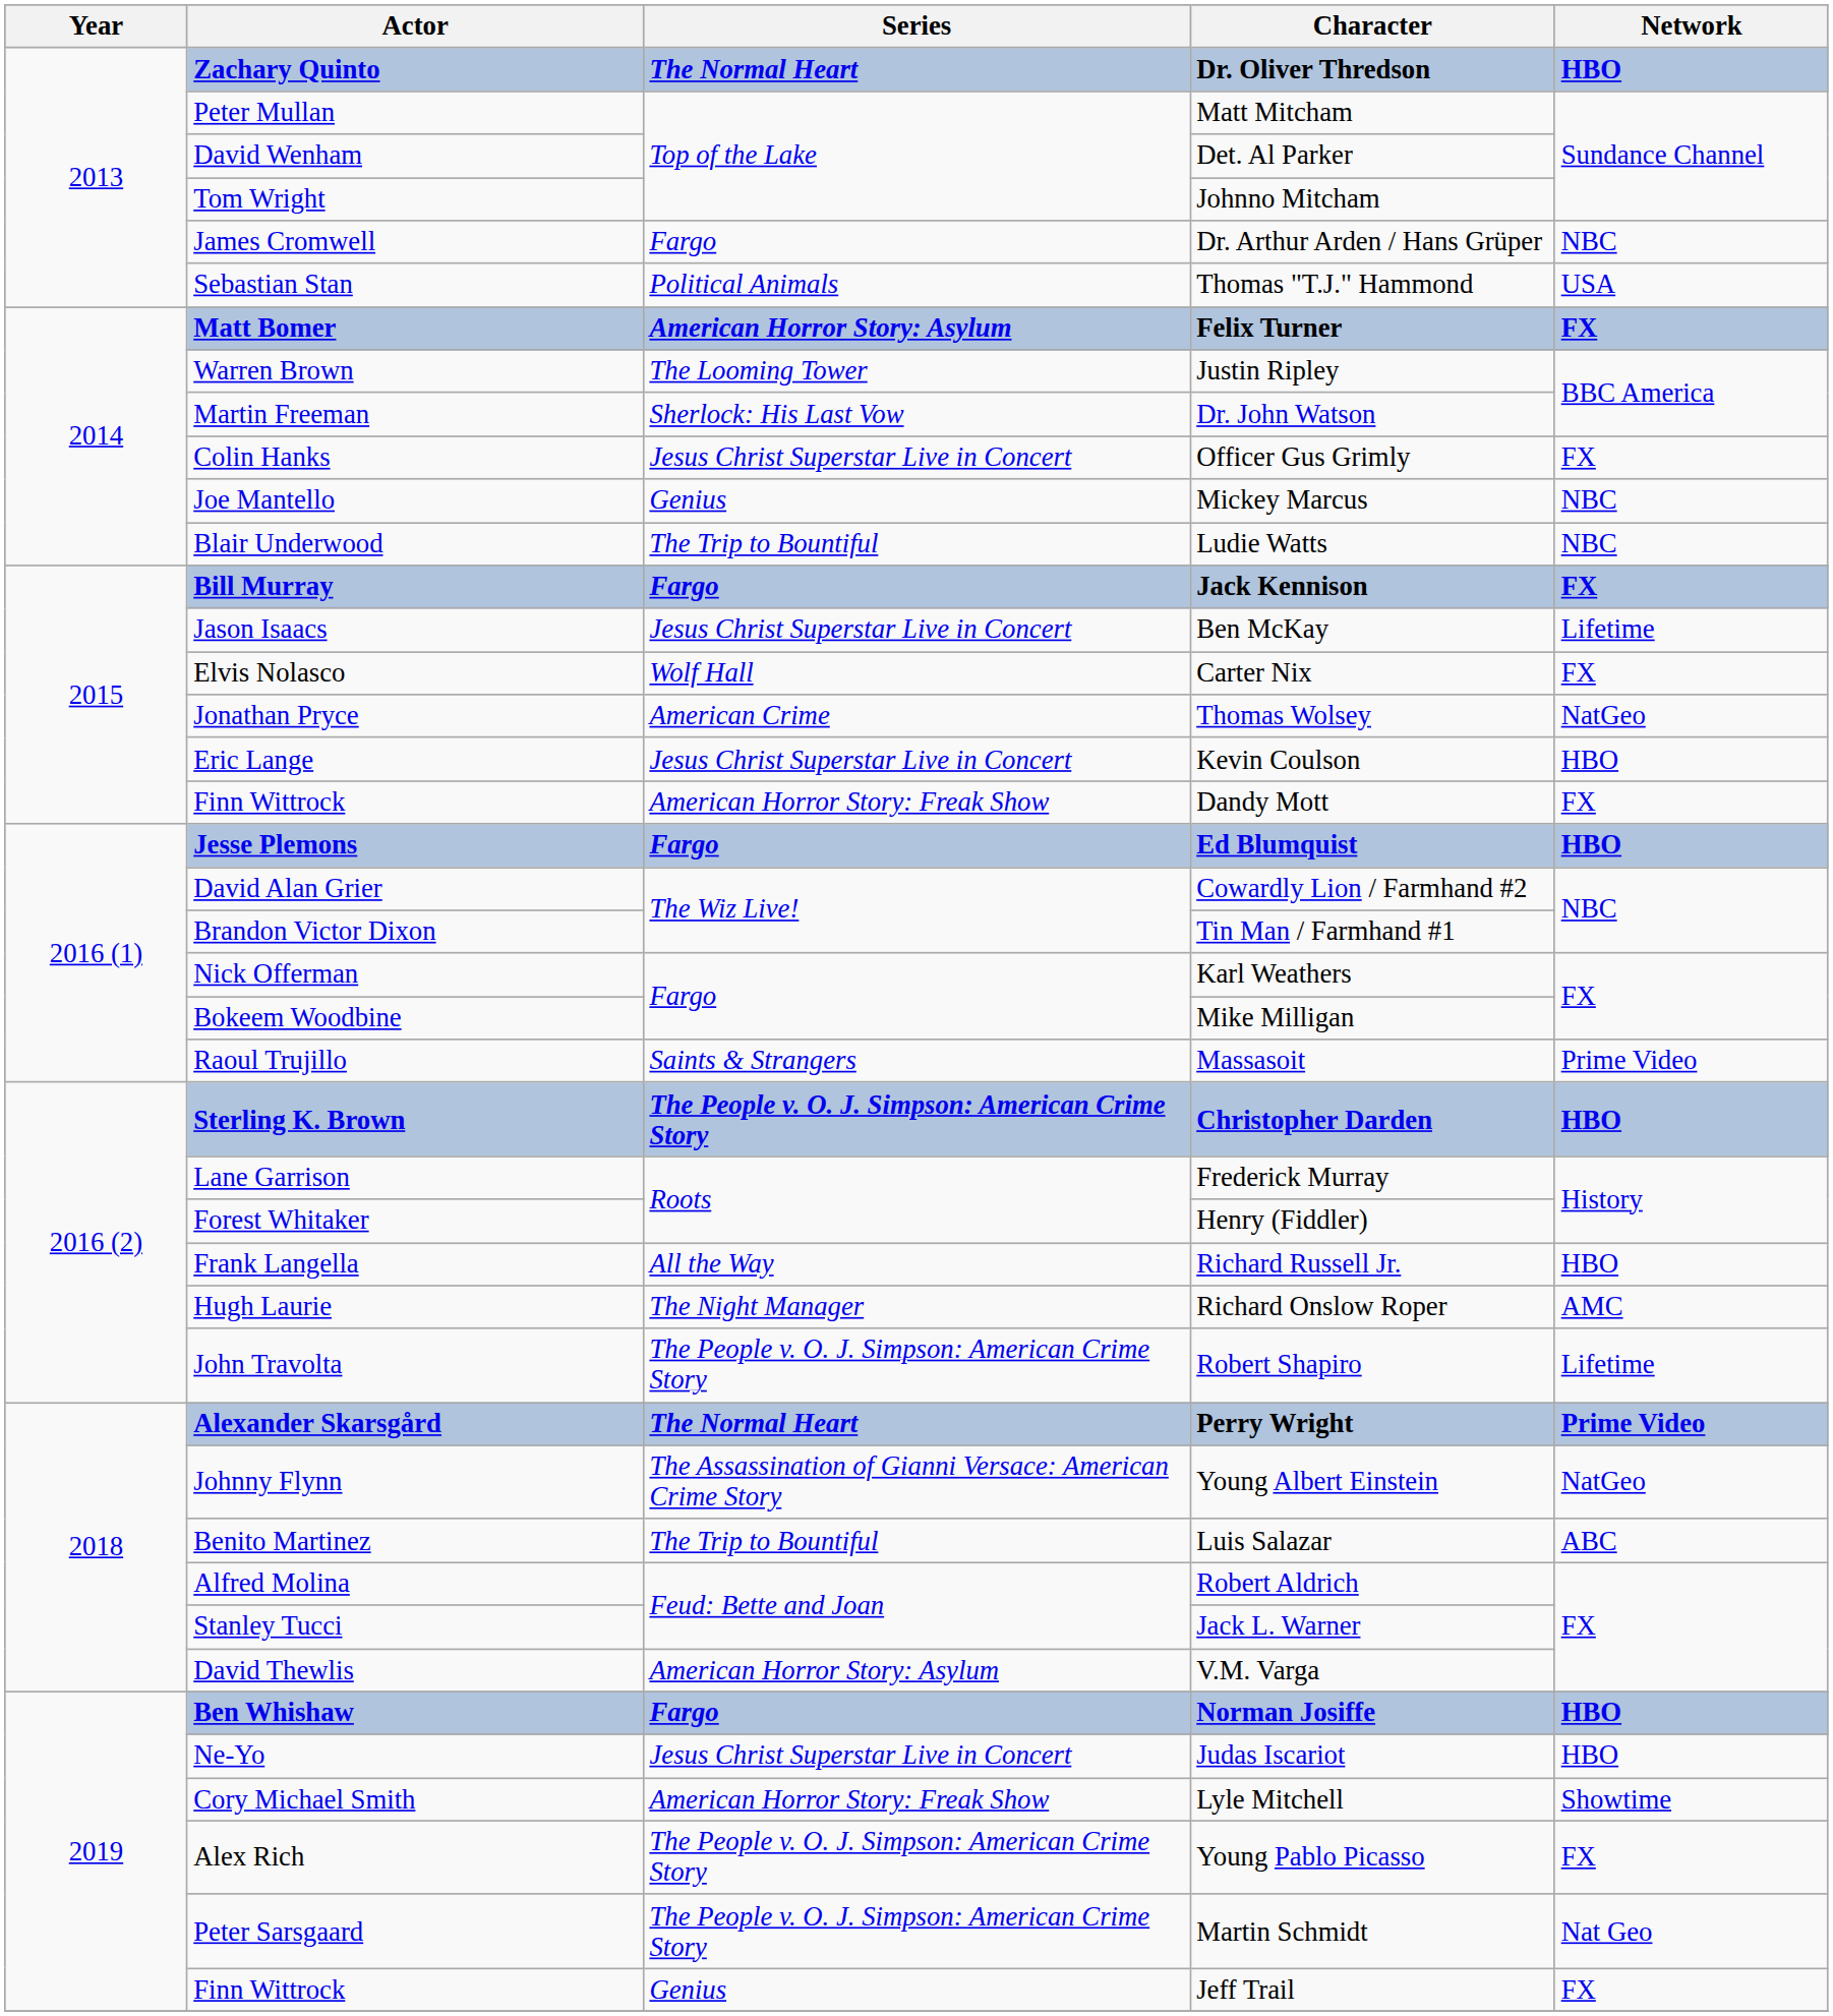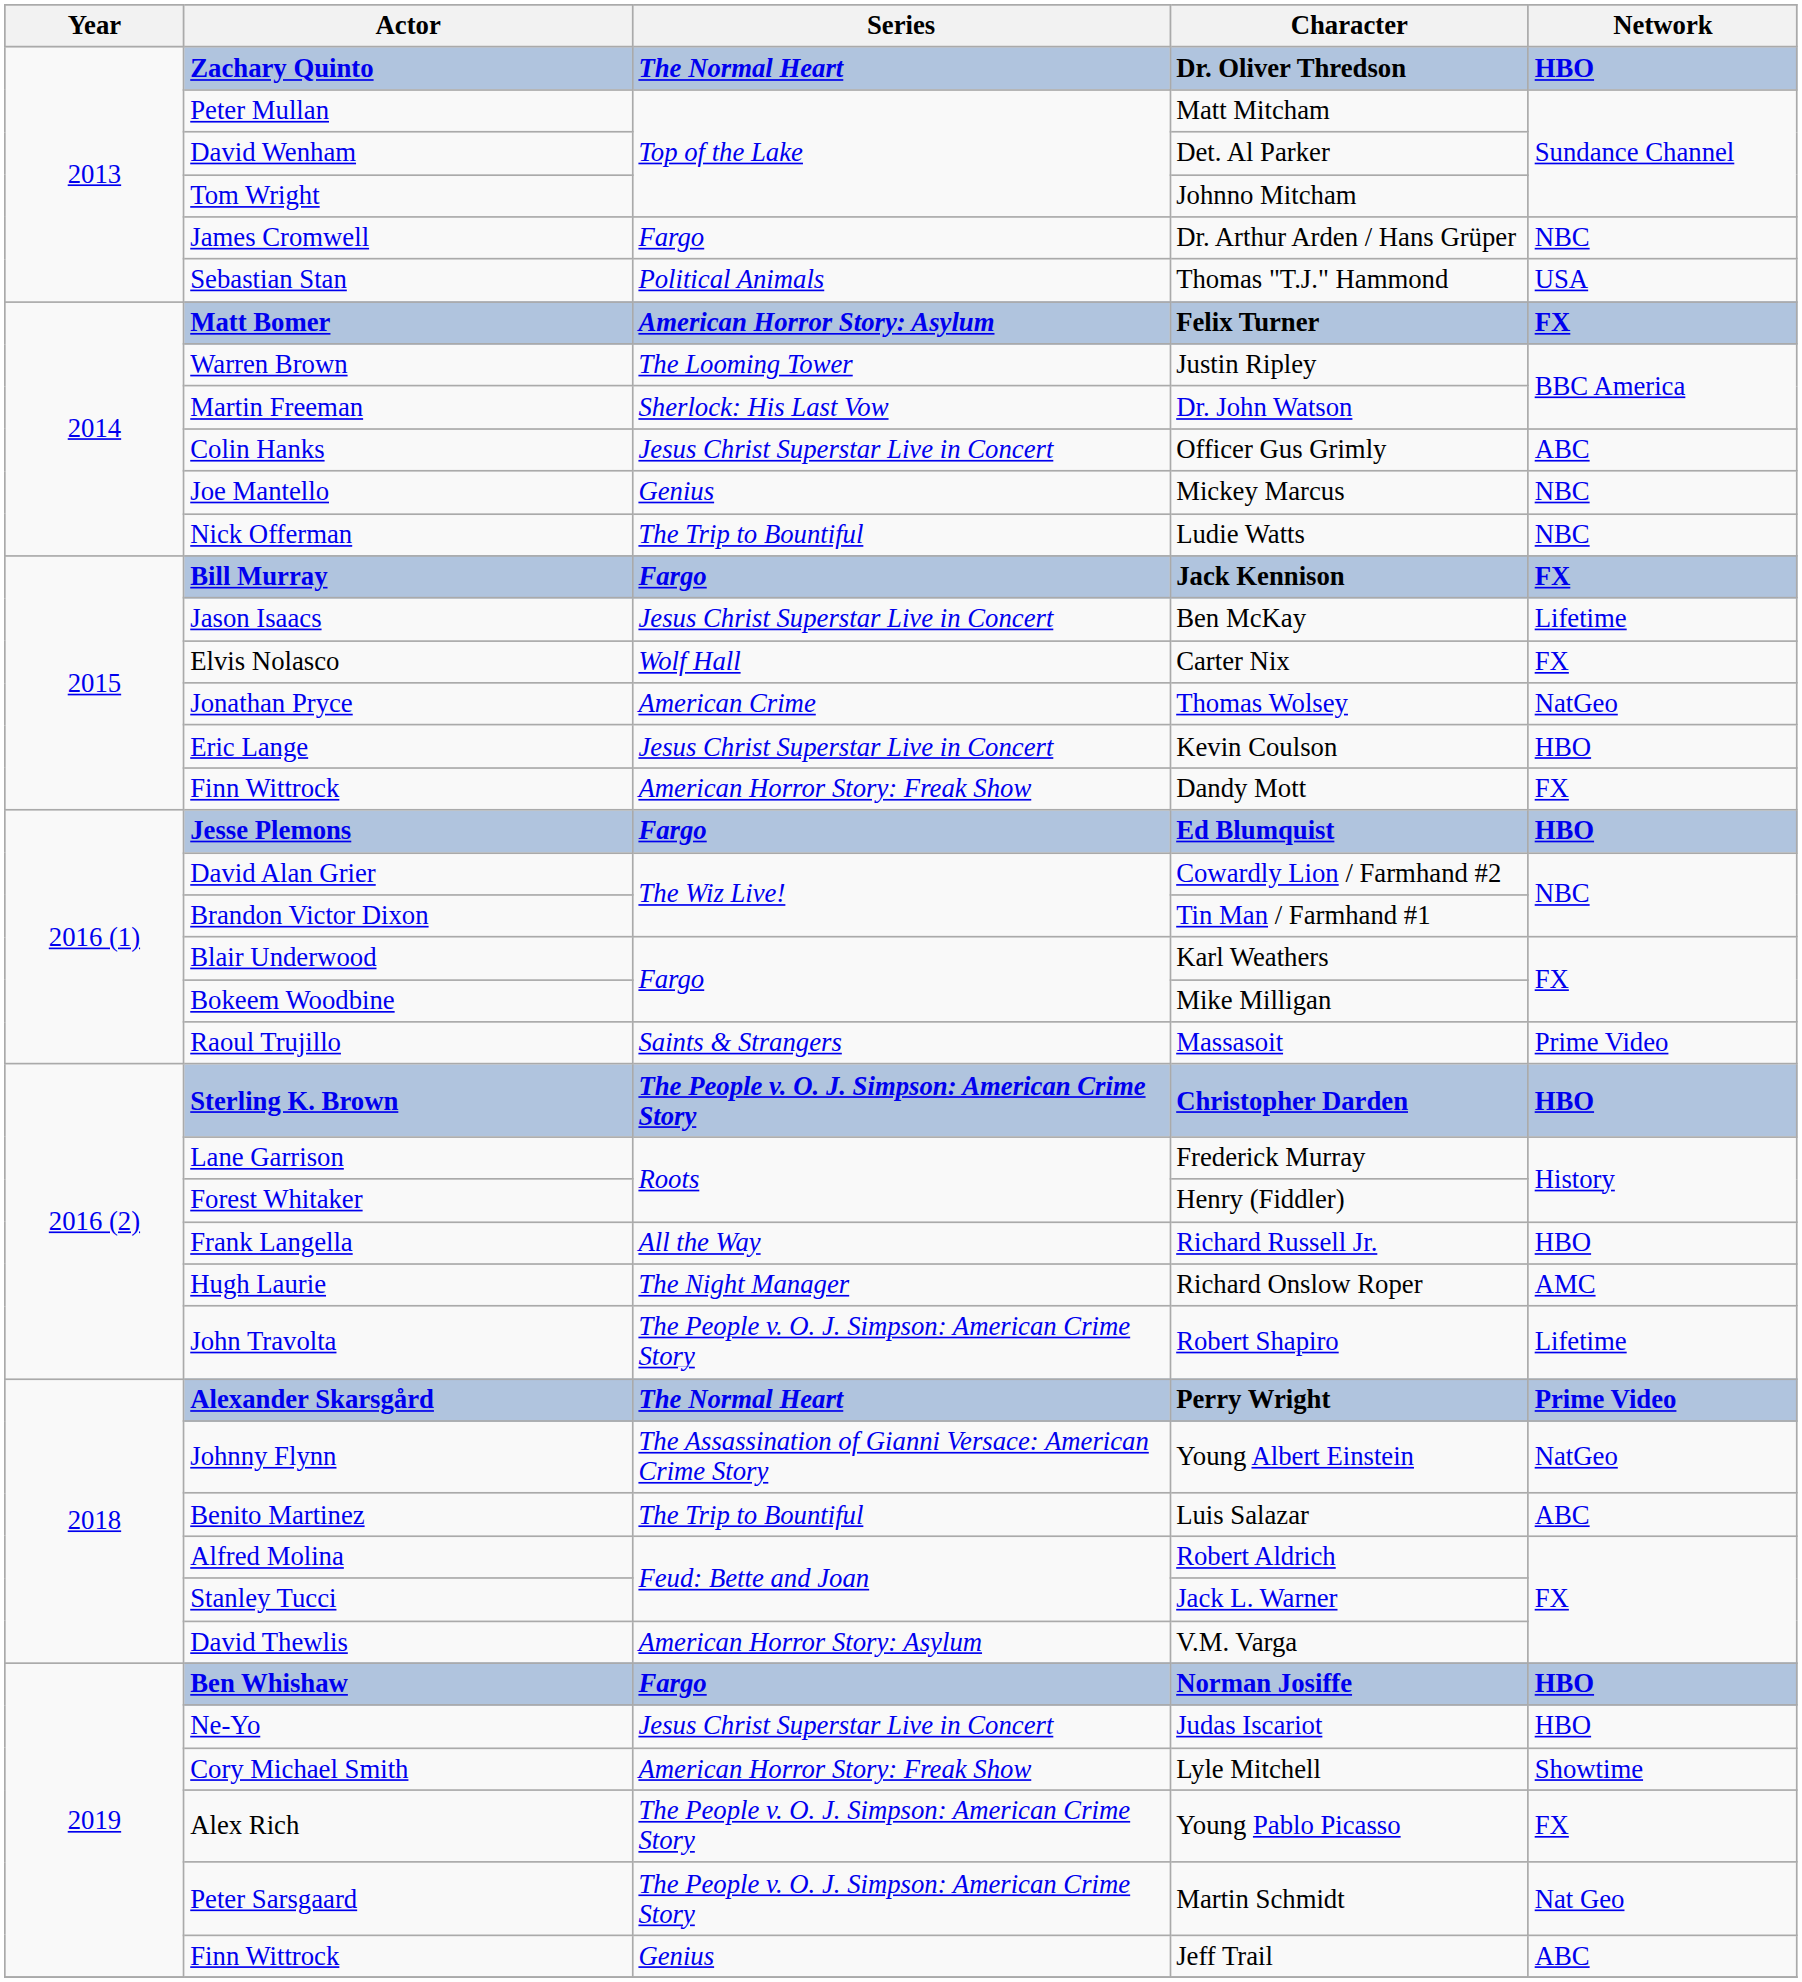 <table class="wikitable" style="width:85%">
 <tr style="background:#bebebe;">
 <th style="width:10%;">Year</th>
 <th style="wodth:25%;">Actor</th>
 <th style="width:30%;">Series</th>
 <th style="width:20%;">Character</th>
 <th style="width:15%;">Network</th>
 </tr>
 <tr>
 <td rowspan="6" style="text-align:center;"><a href='#'>2013</a><br></td>
 <td style="background:#B0C4DE;"><strong><a href='#'>Zachary Quinto</a></strong></td>
 <td style="background:#B0C4DE;"><strong><em><a href='#'>The Normal Heart</a></em></strong></td>
 <td style="background:#B0C4DE;"><strong>Dr. Oliver Thredson</strong></td>
 <td style="background:#B0C4DE;"><strong><a href='#'>HBO</a></strong></td>
 </tr>
 <tr>
 <td><a href='#'>Peter Mullan</a></td>
 <td rowspan="3"><em><a href='#'>Top of the Lake</a></em></td>
 <td>Matt Mitcham</td>
 <td rowspan="3"><a href='#'>Sundance Channel</a></td>
 </tr>
 <tr>
 <td><a href='#'>David Wenham</a></td>
 <td>Det. Al Parker</td>
 </tr>
 <tr>
 <td><a href='#'>Tom Wright</a></td>
 <td>Johnno Mitcham</td>
 </tr>
 <tr>
 <td><a href='#'>James Cromwell</a></td>
 <td><em><a href='#'>Fargo</a></em></td>
 <td>Dr. Arthur Arden / Hans Grüper</td>
 <td><a href='#'>NBC</a></td>
 </tr>
 <tr>
 <td><a href='#'>Sebastian Stan</a></td>
 <td><em><a href='#'>Political Animals</a></em></td>
 <td>Thomas "T.J." Hammond</td>
 <td><a href='#'>USA</a></td>
 </tr>
 <tr>
 <td rowspan="6" style="text-align:center;"><a href='#'>2014</a><br></td>
 <td style="background:#B0C4DE;"><strong><a href='#'>Matt Bomer</a></strong></td>
 <td style="background:#B0C4DE;"><strong><em><a href='#'>American Horror Story: Asylum</a></em></strong></td>
 <td style="background:#B0C4DE;"><strong>Felix Turner</strong></td>
 <td style="background:#B0C4DE;"><strong><a href='#'>FX</a></strong></td>
 </tr>
 <tr>
 <td><a href='#'>Warren Brown</a></td>
 <td><em><a href='#'>The Looming Tower</a></em></td>
 <td>Justin Ripley</td>
 <td rowspan=2><a href='#'>BBC America</a></td>
 </tr>
 <tr>
 <td><a href='#'>Martin Freeman</a></td>
 <td><em><a href='#'>Sherlock: His Last Vow</a></em></td>
 <td><a href='#'>Dr. John Watson</a></td>
 </tr>
 <tr>
 <td><a href='#'>Colin Hanks</a></td>
 <td><em><a href='#'>Jesus Christ Superstar Live in Concert</a></em></td>
 <td>Officer Gus Grimly</td>
-<td><a href='#'>FX</a></td>
+<td><a href='#'>ABC</a></td>
 </tr>
 <tr>
 <td><a href='#'>Joe Mantello</a></td>
 <td><em><a href='#'>Genius</a></em></td>
 <td>Mickey Marcus</td>
 <td><a href='#'>NBC</a></td>
 </tr>
 <tr>
-<td><a href='#'>Blair Underwood</a></td>
+<td><a href='#'>Nick Offerman</a></td>
 <td><em><a href='#'>The Trip to Bountiful</a></em></td>
 <td>Ludie Watts</td>
 <td><a href='#'>NBC</a></td>
 </tr>
 <tr>
 <td rowspan="6" style="text-align:center;"><a href='#'>2015</a><br></td>
 <td style="background:#B0C4DE;"><strong><a href='#'>Bill Murray</a></strong></td>
 <td style="background:#B0C4DE;"><strong><em><a href='#'>Fargo</a></em></strong></td>
 <td style="background:#B0C4DE;"><strong>Jack Kennison</strong></td>
 <td style="background:#B0C4DE;"><strong><a href='#'>FX</a></strong></td>
 </tr>
 <tr>
 <td><a href='#'>Jason Isaacs</a></td>
 <td><em><a href='#'>Jesus Christ Superstar Live in Concert</a></em></td>
 <td>Ben McKay</td>
 <td><a href='#'>Lifetime</a></td>
 </tr>
 <tr>
 <td>Elvis Nolasco</td>
 <td><em><a href='#'>Wolf Hall</a></em></td>
 <td>Carter Nix</td>
 <td><a href='#'>FX</a></td>
 </tr>
 <tr>
 <td><a href='#'>Jonathan Pryce</a></td>
 <td><em><a href='#'>American Crime</a></em></td>
 <td><a href='#'>Thomas Wolsey</a></td>
 <td><a href='#'>NatGeo</a></td>
 </tr>
 <tr>
 <td><a href='#'>Eric Lange</a></td>
 <td><em><a href='#'>Jesus Christ Superstar Live in Concert</a></em></td>
 <td>Kevin Coulson</td>
 <td><a href='#'>HBO</a></td>
 </tr>
 <tr>
 <td><a href='#'>Finn Wittrock</a></td>
 <td><em><a href='#'>American Horror Story: Freak Show</a></em></td>
 <td>Dandy Mott</td>
 <td><a href='#'>FX</a></td>
 </tr>
 <tr>
 <td rowspan="6" style="text-align:center;"><a href='#'>2016 (1)</a><br></td>
 <td style="background:#B0C4DE;"><strong><a href='#'>Jesse Plemons</a></strong></td>
 <td style="background:#B0C4DE;"><strong><em><a href='#'>Fargo</a></em></strong></td>
 <td style="background:#B0C4DE;"><strong><a href='#'>Ed Blumquist</a></strong></td>
 <td style="background:#B0C4DE;"><strong><a href='#'>HBO</a></strong></td>
 </tr>
 <tr>
 <td><a href='#'>David Alan Grier</a></td>
 <td rowspan="2"><em><a href='#'>The Wiz Live!</a></em></td>
 <td><a href='#'>Cowardly Lion</a> / Farmhand #2</td>
 <td rowspan=2><a href='#'>NBC</a></td>
 </tr>
 <tr>
 <td><a href='#'>Brandon Victor Dixon</a></td>
 <td><a href='#'>Tin Man</a> / Farmhand #1</td>
 </tr>
 <tr>
-<td><a href='#'>Nick Offerman</a></td>
+<td><a href='#'>Blair Underwood</a></td>
 <td rowspan="2"><em><a href='#'>Fargo</a></em></td>
 <td>Karl Weathers</td>
 <td rowspan="2"><a href='#'>FX</a></td>
 </tr>
 <tr>
 <td><a href='#'>Bokeem Woodbine</a></td>
 <td>Mike Milligan</td>
 </tr>
 <tr>
 <td><a href='#'>Raoul Trujillo</a></td>
 <td><em><a href='#'>Saints & Strangers</a></em></td>
 <td><a href='#'>Massasoit</a></td>
 <td><a href='#'>Prime Video</a></td>
 </tr>
 <tr>
 <td rowspan="6" style="text-align:center;"><a href='#'>2016 (2)</a><br></td>
 <td style="background:#B0C4DE;"><strong><a href='#'>Sterling K. Brown</a></strong></td>
 <td style="background:#B0C4DE;"><strong><em><a href='#'>The People v. O. J. Simpson: American Crime Story</a></em></strong></td>
 <td style="background:#B0C4DE;"><strong><a href='#'>Christopher Darden</a></strong></td>
 <td style="background:#B0C4DE;"><strong><a href='#'>HBO</a></strong></td>
 </tr>
 <tr>
 <td><a href='#'>Lane Garrison</a></td>
 <td rowspan="2"><em><a href='#'>Roots</a></em></td>
 <td>Frederick Murray</td>
 <td rowspan="2"><a href='#'>History</a></td>
 </tr>
 <tr>
 <td><a href='#'>Forest Whitaker</a></td>
 <td>Henry (Fiddler)</td>
 </tr>
 <tr>
 <td><a href='#'>Frank Langella</a></td>
 <td><em><a href='#'>All the Way</a></em></td>
 <td><a href='#'>Richard Russell Jr.</a></td>
 <td><a href='#'>HBO</a></td>
 </tr>
 <tr>
 <td><a href='#'>Hugh Laurie</a></td>
 <td><em><a href='#'>The Night Manager</a></em></td>
 <td>Richard Onslow Roper</td>
 <td><a href='#'>AMC</a></td>
 </tr>
 <tr>
 <td><a href='#'>John Travolta</a></td>
 <td><em><a href='#'>The People v. O. J. Simpson: American Crime Story</a></em></td>
 <td><a href='#'>Robert Shapiro</a></td>
 <td><a href='#'>Lifetime</a></td>
 </tr>
 <tr>
 <td rowspan="6" style="text-align:center;"><a href='#'>2018</a><br></td>
 <td style="background:#B0C4DE;"><strong><a href='#'>Alexander Skarsgård</a></strong></td>
 <td style="background:#B0C4DE;"><strong><em><a href='#'>The Normal Heart</a></em></strong></td>
 <td style="background:#B0C4DE;"><strong>Perry Wright</strong></td>
 <td style="background:#B0C4DE;"><strong><a href='#'>Prime Video</a></strong></td>
 </tr>
 <tr>
 <td><a href='#'>Johnny Flynn</a></td>
 <td><em><a href='#'>The Assassination of Gianni Versace: American Crime Story</a></em></td>
 <td>Young <a href='#'>Albert Einstein</a></td>
 <td><a href='#'>NatGeo</a></td>
 </tr>
 <tr>
 <td><a href='#'>Benito Martinez</a></td>
 <td><em><a href='#'>The Trip to Bountiful</a></em></td>
 <td>Luis Salazar</td>
 <td><a href='#'>ABC</a></td>
 </tr>
 <tr>
 <td><a href='#'>Alfred Molina</a></td>
 <td rowspan="2"><em><a href='#'>Feud: Bette and Joan</a></em></td>
 <td><a href='#'>Robert Aldrich</a></td>
 <td rowspan=3><a href='#'>FX</a></td>
 </tr>
 <tr>
 <td><a href='#'>Stanley Tucci</a></td>
 <td><a href='#'>Jack L. Warner</a></td>
 </tr>
 <tr>
 <td><a href='#'>David Thewlis</a></td>
 <td><em><a href='#'>American Horror Story: Asylum</a></em></td>
 <td>V.M. Varga</td>
 </tr>
 <tr>
 <td rowspan="6" style="text-align:center;"><a href='#'>2019</a><br></td>
 <td style="background:#B0C4DE;"><strong><a href='#'>Ben Whishaw</a></strong></td>
 <td style="background:#B0C4DE;"><strong><em><a href='#'>Fargo</a></em></strong></td>
 <td style="background:#B0C4DE;"><strong><a href='#'>Norman Josiffe</a></strong></td>
 <td style="background:#B0C4DE;"><strong><a href='#'>HBO</a></strong></td>
 </tr>
 <tr>
 <td><a href='#'>Ne-Yo</a></td>
 <td><em><a href='#'>Jesus Christ Superstar Live in Concert</a></em></td>
 <td><a href='#'>Judas Iscariot</a></td>
 <td><a href='#'>HBO</a></td>
 </tr>
 <tr>
 <td><a href='#'>Cory Michael Smith</a></td>
 <td><em><a href='#'>American Horror Story: Freak Show</a></em></td>
 <td>Lyle Mitchell</td>
 <td><a href='#'>Showtime</a></td>
 </tr>
 <tr>
 <td>Alex Rich</td>
 <td><em><a href='#'>The People v. O. J. Simpson: American Crime Story</a></em></td>
 <td>Young <a href='#'>Pablo Picasso</a></td>
 <td><a href='#'>FX</a></td>
 </tr>
 <tr>
 <td><a href='#'>Peter Sarsgaard</a></td>
 <td><em><a href='#'>The People v. O. J. Simpson: American Crime Story</a></em></td>
 <td>Martin Schmidt</td>
 <td><a href='#'>Nat Geo</a></td>
 </tr>
 <tr>
 <td><a href='#'>Finn Wittrock</a></td>
 <td><em><a href='#'>Genius</a></em></td>
 <td>Jeff Trail</td>
-<td><a href='#'>FX</a></td>
+<td><a href='#'>ABC</a></td>
 </tr>
 <tr>
 </tr>
 </table>
